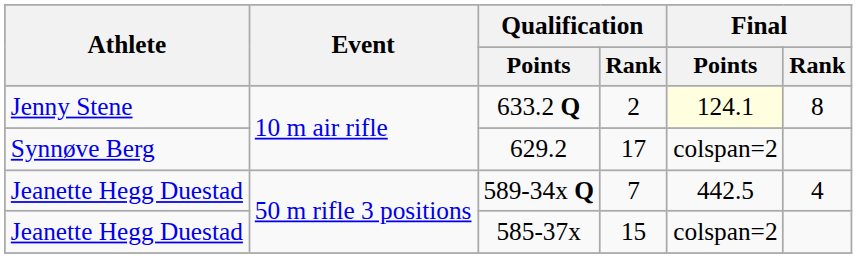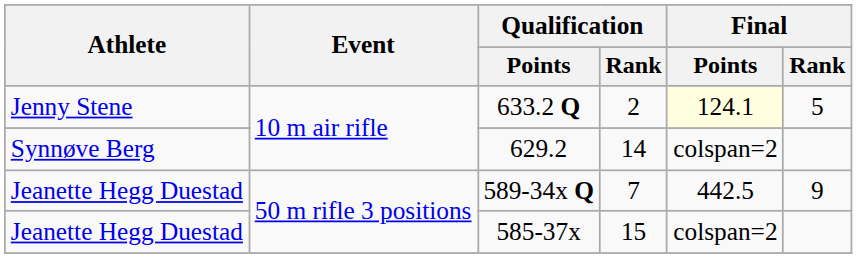 <table class="wikitable" style="font-size:90%">
 <tr>
 <th rowspan="2">Athlete</th>
 <th rowspan="2">Event</th>
 <th colspan=2>Qualification</th>
 <th colspan=2>Final</th>
 </tr>
 <tr style="font-size:95%">
 <th>Points</th>
 <th>Rank</th>
 <th>Points</th>
 <th>Rank</th>
 </tr>
 <tr align=center>
 <td align=left><a href='#'>Jenny Stene</a></td>
 <td align=left rowspan=2><a href='#'>10 m air rifle</a></td>
 <td>633.2 <strong>Q</strong></td>
 <td>2</td>
 <td style="background: lightyellow;">124.1</td>
-<td>8</td>
+<td>5</td>
 </tr>
 <tr align=center>
 <td align=left><a href='#'>Synnøve Berg</a></td>
 <td>629.2</td>
-<td>17</td>
+<td>14</td>
 <td>colspan=2 </td>
 </tr>
 <tr align=center>
 <td align=left><a href='#'>Jeanette Hegg Duestad</a></td>
 <td align=left rowspan=2><a href='#'>50 m rifle 3 positions</a></td>
 <td>589-34x <strong>Q</strong></td>
 <td>7</td>
 <td>442.5</td>
-<td>4</td>
+<td>9</td>
 </tr>
 <tr align=center>
 <td align=left><a href='#'>Jeanette Hegg Duestad</a></td>
 <td>585-37x</td>
 <td>15</td>
 <td>colspan=2 </td>
 </tr>
 </table>
